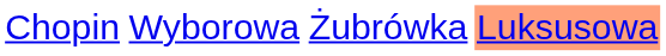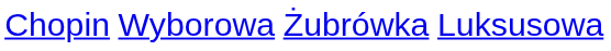 <table align="right">
 <tr>
 <td></td>
 <td></td>
 <td></td>
 <td></td>
 </tr>
 <tr style="text-align: center;">
 <td><a href='#'>Chopin</a></td>
 <td><a href='#'>Wyborowa</a></td>
 <td><a href='#'>Żubrówka</a></td>
-<td style="background: lightsalmon;"><a href='#'>Luksusowa</a></td>
+<td><a href='#'>Luksusowa</a></td>
 </tr>
 </table>
